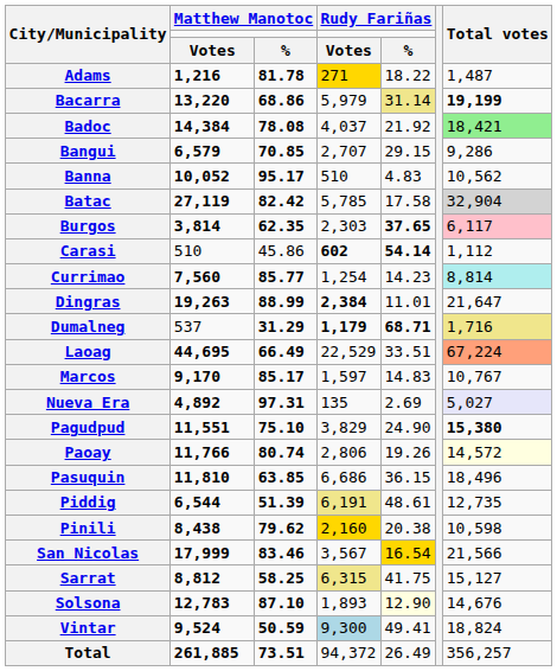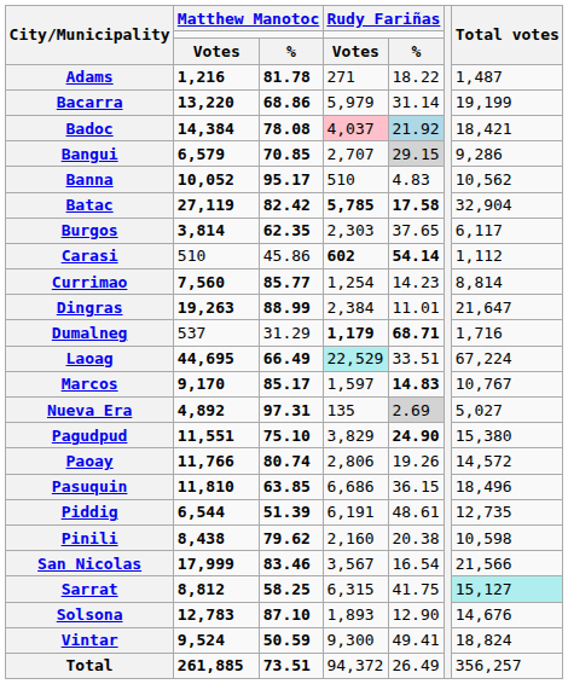 <table class="wikitable" style="text-align=center">
 <tr>
 <th rowspan="3">City/Municipality</th>
 <th colspan="2"><a href='#'>Matthew Manotoc</a></th>
 <th colspan="2"><a href='#'>Rudy Fariñas</a></th>
 <th rowspan="27"></th>
 <th colspan="3" rowspan="3">Total votes</th>
 </tr>
 <tr>
 <td colspan="2" style="background:"></td>
 <td colspan="2" style="background:"></td>
 </tr>
 <tr>
 <th>Votes</th>
 <th>%</th>
 <th>Votes</th>
 <th>%</th>
 </tr>
 <tr>
 <th scope="row"><a href='#'>Adams</a></th>
 <td style="background:"><strong>1,216</strong></td>
 <td style="background:"><strong>81.78</strong></td>
-<td style="background: gold;">271</td>
+<td>271</td>
 <td>18.22</td>
 <td>1,487</td>
 </tr>
 <tr>
 <th scope="row"><a href='#'>Bacarra</a></th>
 <td style="background:"><strong>13,220</strong></td>
 <td style="background:"><strong>68.86</strong></td>
 <td>5,979</td>
-<td style="background: khaki;">31.14</td>
-<td><strong>19,199</strong></td>
+<td>31.14</td>
+<td>19,199</td>
 </tr>
 <tr>
 <th scope="row"><a href='#'>Badoc</a></th>
 <td style="background:"><strong>14,384</strong></td>
 <td style="background:"><strong>78.08</strong></td>
-<td>4,037</td>
-<td>21.92</td>
-<td style="background: lightgreen;">18,421</td>
+<td style="background: pink;">4,037</td>
+<td style="background: lightblue;">21.92</td>
+<td>18,421</td>
 </tr>
 <tr>
 <th scope="row"><a href='#'>Bangui</a></th>
 <td style="background:"><strong>6,579</strong></td>
 <td style="background:"><strong>70.85</strong></td>
 <td>2,707</td>
-<td>29.15</td>
+<td style="background: lightgrey;">29.15</td>
 <td>9,286</td>
 </tr>
 <tr>
 <th scope="row"><a href='#'>Banna</a></th>
 <td style="background:"><strong>10,052</strong></td>
 <td style="background:"><strong>95.17</strong></td>
 <td>510</td>
 <td>4.83</td>
 <td>10,562</td>
 </tr>
 <tr>
 <th scope="row"><a href='#'>Batac</a></th>
 <td style="background:"><strong>27,119</strong></td>
 <td style="background:"><strong>82.42</strong></td>
-<td>5,785</td>
-<td>17.58</td>
-<td style="background: lightgrey;">32,904</td>
+<td><strong>5,785</strong></td>
+<td><strong>17.58</strong></td>
+<td>32,904</td>
 </tr>
 <tr>
 <th scope="row"><a href='#'>Burgos</a></th>
 <td style="background:"><strong>3,814</strong></td>
 <td style="background:"><strong>62.35</strong></td>
 <td>2,303</td>
-<td><strong>37.65</strong></td>
-<td style="background: pink;">6,117</td>
+<td>37.65</td>
+<td>6,117</td>
 </tr>
 <tr>
 <th scope="row"><a href='#'>Carasi</a></th>
 <td>510</td>
 <td>45.86</td>
 <td style="background:"><strong>602</strong></td>
 <td style="background:"><strong>54.14</strong></td>
 <td>1,112</td>
 </tr>
 <tr>
 <th scope="row"><a href='#'>Currimao</a></th>
 <td style="background:"><strong>7,560</strong></td>
 <td style="background:"><strong>85.77</strong></td>
 <td>1,254</td>
 <td>14.23</td>
-<td style="background: paleturquoise;">8,814</td>
+<td>8,814</td>
 </tr>
 <tr>
 <th scope="row"><a href='#'>Dingras</a></th>
 <td style="background:"><strong>19,263</strong></td>
 <td style="background:"><strong>88.99</strong></td>
-<td><strong>2,384</strong></td>
+<td>2,384</td>
 <td>11.01</td>
 <td>21,647</td>
 </tr>
 <tr>
 <th scope="row"><a href='#'>Dumalneg</a></th>
 <td>537</td>
-<td><strong>31.29</strong></td>
+<td>31.29</td>
 <td style="background:"><strong>1,179</strong></td>
 <td style="background:"><strong>68.71</strong></td>
-<td style="background: khaki;">1,716</td>
+<td>1,716</td>
 </tr>
 <tr>
 <th scope="row"><a href='#'>Laoag</a></th>
 <td style="background:"><strong>44,695</strong></td>
 <td style="background:"><strong>66.49</strong></td>
-<td>22,529</td>
+<td style="background: paleturquoise;">22,529</td>
 <td>33.51</td>
-<td style="background: lightsalmon;">67,224</td>
+<td>67,224</td>
 </tr>
 <tr>
 <th scope="row"><a href='#'>Marcos</a></th>
 <td style="background:"><strong>9,170</strong></td>
 <td style="background:"><strong>85.17</strong></td>
 <td>1,597</td>
-<td>14.83</td>
+<td><strong>14.83</strong></td>
 <td>10,767</td>
 </tr>
 <tr>
 <th scope="row"><a href='#'>Nueva Era</a></th>
 <td style="background:"><strong>4,892</strong></td>
 <td style="background:"><strong>97.31</strong></td>
 <td>135</td>
-<td>2.69</td>
-<td style="background: lavender;">5,027</td>
+<td style="background: lightgrey;">2.69</td>
+<td>5,027</td>
 </tr>
 <tr>
 <th scope="row"><a href='#'>Pagudpud</a></th>
 <td style="background:"><strong>11,551</strong></td>
 <td style="background:"><strong>75.10</strong></td>
 <td>3,829</td>
-<td>24.90</td>
-<td><strong>15,380</strong></td>
+<td><strong>24.90</strong></td>
+<td>15,380</td>
 </tr>
 <tr>
 <th scope="row"><a href='#'>Paoay</a></th>
 <td style="background:"><strong>11,766</strong></td>
 <td style="background:"><strong>80.74</strong></td>
 <td>2,806</td>
 <td>19.26</td>
-<td style="background: lightyellow;">14,572</td>
+<td>14,572</td>
 </tr>
 <tr>
 <th scope="row"><a href='#'>Pasuquin</a></th>
 <td style="background:"><strong>11,810</strong></td>
 <td style="background:"><strong>63.85</strong></td>
 <td>6,686</td>
 <td>36.15</td>
 <td>18,496</td>
 </tr>
 <tr>
 <th scope="row"><a href='#'>Piddig</a></th>
 <td style="background:"><strong>6,544</strong></td>
 <td style="background:"><strong>51.39</strong></td>
-<td style="background: khaki;">6,191</td>
+<td>6,191</td>
 <td>48.61</td>
 <td>12,735</td>
 </tr>
 <tr>
 <th scope="row"><a href='#'>Pinili</a></th>
 <td style="background:"><strong>8,438</strong></td>
 <td style="background:"><strong>79.62</strong></td>
-<td style="background: gold;">2,160</td>
+<td>2,160</td>
 <td>20.38</td>
 <td>10,598</td>
 </tr>
 <tr>
 <th scope="row"><a href='#'>San Nicolas</a></th>
 <td style="background:"><strong>17,999</strong></td>
 <td style="background:"><strong>83.46</strong></td>
 <td>3,567</td>
-<td style="background: gold;">16.54</td>
+<td>16.54</td>
 <td>21,566</td>
 </tr>
 <tr>
 <th scope="row"><a href='#'>Sarrat</a></th>
 <td style="background:"><strong>8,812</strong></td>
 <td style="background:"><strong>58.25</strong></td>
-<td style="background: khaki;">6,315</td>
+<td>6,315</td>
 <td>41.75</td>
-<td>15,127</td>
+<td style="background: paleturquoise;">15,127</td>
 </tr>
 <tr>
 <th scope="row"><a href='#'>Solsona</a></th>
 <td style="background:"><strong>12,783</strong></td>
 <td style="background:"><strong>87.10</strong></td>
 <td>1,893</td>
-<td style="background: lightyellow;">12.90</td>
+<td>12.90</td>
 <td>14,676</td>
 </tr>
 <tr>
 <th scope="row"><a href='#'>Vintar</a></th>
 <td style="background:"><strong>9,524</strong></td>
 <td style="background:"><strong>50.59</strong></td>
-<td style="background: lightblue;">9,300</td>
+<td>9,300</td>
 <td>49.41</td>
 <td>18,824</td>
 </tr>
 <tr>
 <th scope="row">Total</th>
 <td style="background:"><strong>261,885</strong></td>
 <td style="background:"><strong>73.51</strong></td>
 <td>94,372</td>
 <td>26.49</td>
 <td>356,257</td>
 </tr>
 </table>
